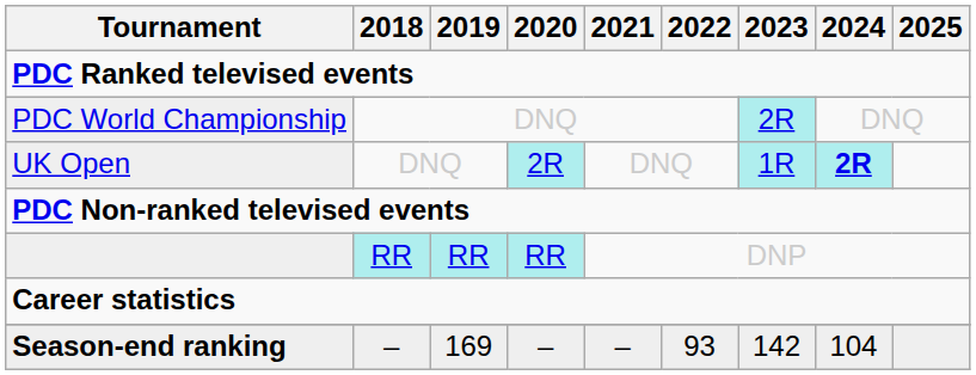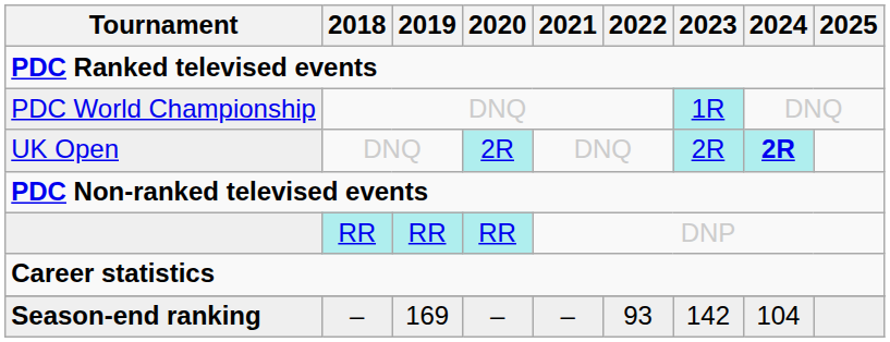 <table class="wikitable">
 <tr>
 <th>Tournament</th>
 <th>2018</th>
 <th>2019</th>
 <th>2020</th>
 <th>2021</th>
 <th>2022</th>
 <th>2023</th>
 <th>2024</th>
 <th>2025</th>
 </tr>
 <tr>
 <td colspan="15" align="left"><strong><a href='#'>PDC</a> Ranked televised events</strong></td>
 </tr>
 <tr>
 <td style="background:#efefef;"><a href='#'>PDC World Championship</a></td>
 <td colspan="5" style="text-align:center; color:#ccc;">DNQ</td>
-<td style="text-align:center; background:#afeeee;"><a href='#'>2R</a></td>
+<td style="text-align:center; background:#afeeee;"><a href='#'>1R</a></td>
 <td colspan="2" style="text-align:center; color:#ccc;">DNQ</td>
 </tr>
 <tr>
 <td style="background:#efefef;"><a href='#'>UK Open</a></td>
 <td colspan="2" style="text-align:center; color:#ccc;">DNQ</td>
 <td style="text-align:center; background:#afeeee;"><a href='#'>2R</a></td>
 <td colspan="2" style="text-align:center; color:#ccc;">DNQ</td>
-<td style="text-align:center; background:#afeeee;"><a href='#'>1R</a></td>
+<td style="text-align:center; background:#afeeee;"><a href='#'>2R</a></td>
 <td style="text-align:center; background:#afeeee;"><strong><a href='#'>2R</a></strong></td>
 <td></td>
 </tr>
 <tr>
 <td colspan="15" align="left"><strong><a href='#'>PDC</a> Non-ranked televised events</strong></td>
 </tr>
 <tr>
 <td style="background:#efefef;"></td>
 <td style="text-align:center; background:#afeeee;"><a href='#'>RR</a></td>
 <td style="text-align:center; background:#afeeee;"><a href='#'>RR</a></td>
 <td style="text-align:center; background:#afeeee;"><a href='#'>RR</a></td>
 <td colspan="5" style="text-align:center; color:#ccc;">DNP</td>
 </tr>
 <tr>
 <td colspan="9" align="left"><strong>Career statistics</strong></td>
 </tr>
 <tr>
 </tr>
 <tr bgcolor="efefef">
 <td align="left"><strong>Season-end ranking</strong></td>
 <td style="text-align:center;">–</td>
 <td style="text-align:center;">169</td>
 <td style="text-align:center;">–</td>
 <td style="text-align:center;">–</td>
 <td style="text-align:center;">93</td>
 <td style="text-align:center;">142</td>
 <td style="text-align:center;">104</td>
 <td></td>
 </tr>
 </table>
